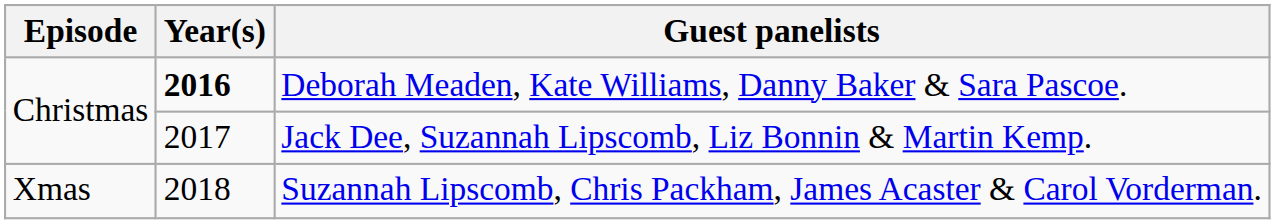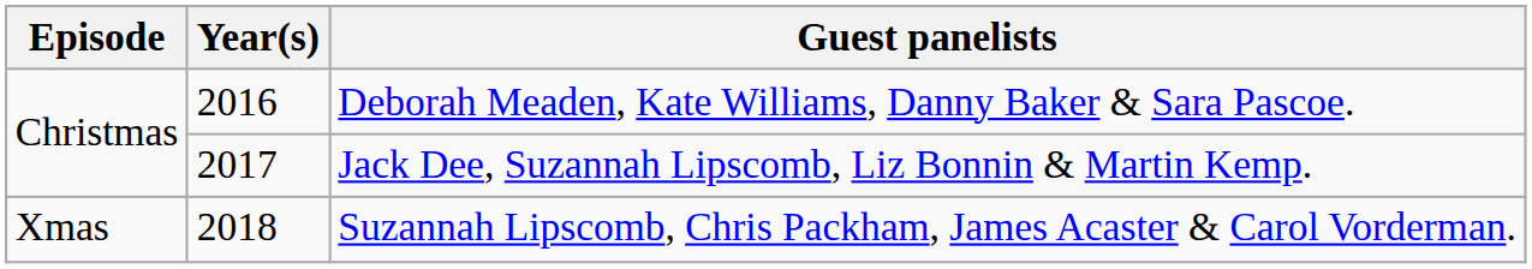 <table class="wikitable sortable">
 <tr>
 <th>Episode</th>
 <th>Year(s)</th>
 <th>Guest panelists</th>
 </tr>
 <tr>
 <td rowspan="2">Christmas</td>
-<td><strong>2016</strong></td>
+<td>2016</td>
 <td><a href='#'>Deborah Meaden</a>, <a href='#'>Kate Williams</a>, <a href='#'>Danny Baker</a> & <a href='#'>Sara Pascoe</a>.</td>
 </tr>
 <tr>
 <td>2017</td>
 <td><a href='#'>Jack Dee</a>, <a href='#'>Suzannah Lipscomb</a>, <a href='#'>Liz Bonnin</a> & <a href='#'>Martin Kemp</a>.</td>
 </tr>
 <tr>
 <td>Xmas</td>
 <td>2018</td>
 <td><a href='#'>Suzannah Lipscomb</a>, <a href='#'>Chris Packham</a>, <a href='#'>James Acaster</a> & <a href='#'>Carol Vorderman</a>.</td>
 </tr>
 </table>
